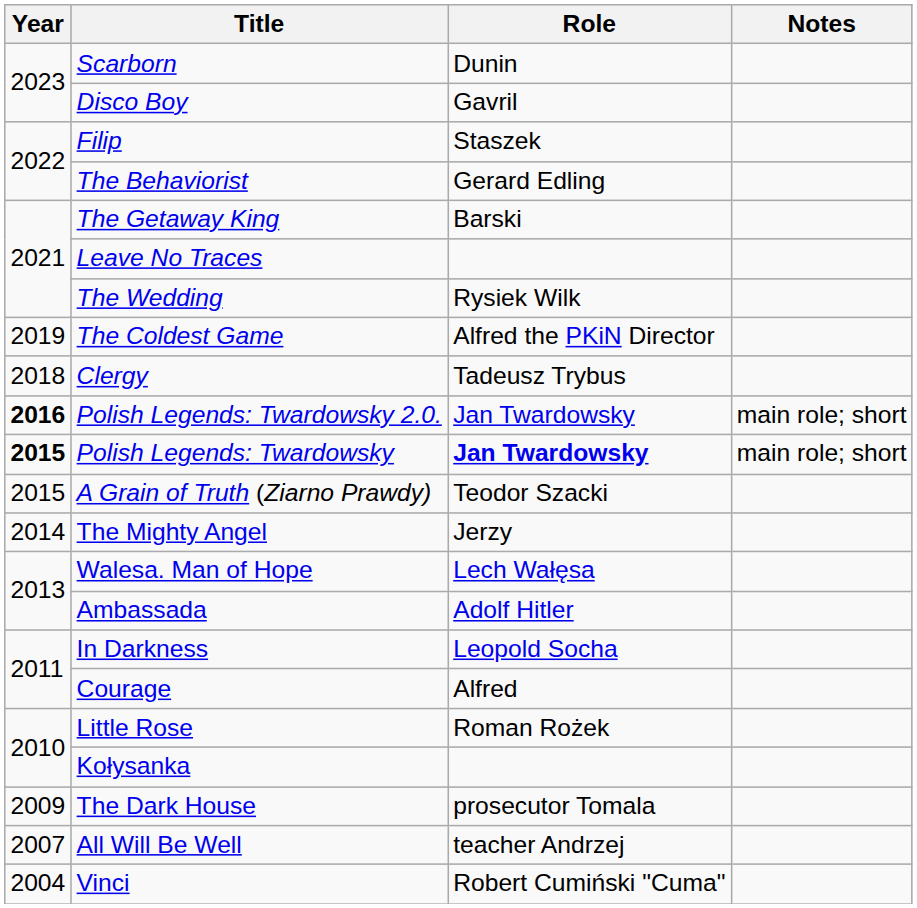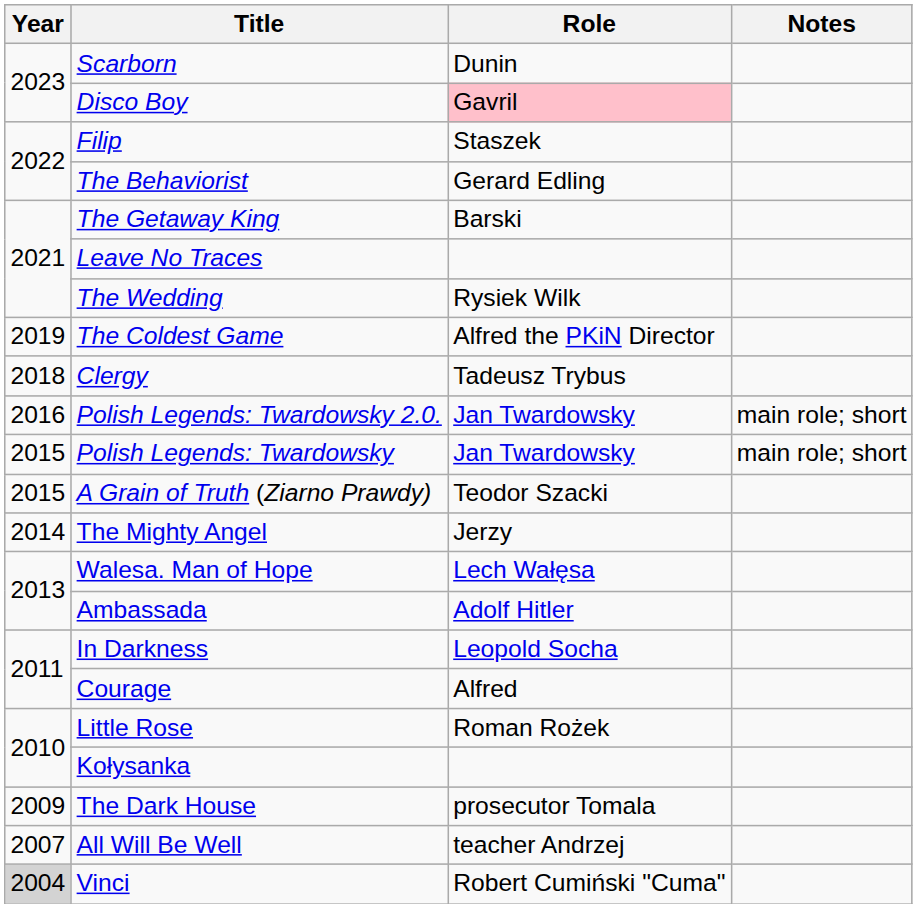 <table class="wikitable sortable">
 <tr>
 <th>Year</th>
 <th>Title</th>
 <th>Role</th>
 <th class="unsortable">Notes</th>
 </tr>
 <tr>
 <td rowspan="2">2023</td>
 <td><em><a href='#'>Scarborn</a></em></td>
 <td>Dunin</td>
 <td></td>
 </tr>
 <tr>
 <td><em><a href='#'>Disco Boy</a></em></td>
-<td>Gavril</td>
+<td style="background: pink;">Gavril</td>
 <td></td>
 </tr>
 <tr>
 <td rowspan="2">2022</td>
 <td><a href='#'><em>Filip</em></a></td>
 <td>Staszek</td>
 <td></td>
 </tr>
 <tr>
 <td><em><a href='#'>The Behaviorist</a></em></td>
 <td>Gerard Edling</td>
 <td></td>
 </tr>
 <tr>
 <td rowspan=3>2021</td>
 <td><em><a href='#'>The Getaway King</a></em></td>
 <td>Barski</td>
 <td></td>
 </tr>
 <tr>
 <td><em><a href='#'>Leave No Traces</a></em></td>
 <td></td>
 <td></td>
 </tr>
 <tr>
 <td><em><a href='#'>The Wedding</a></em></td>
 <td>Rysiek Wilk</td>
 <td></td>
 </tr>
 <tr>
 <td>2019</td>
 <td><em><a href='#'>The Coldest Game</a></em></td>
 <td>Alfred the <a href='#'>PKiN</a> Director</td>
 <td></td>
 </tr>
 <tr>
 <td>2018</td>
 <td><em><a href='#'>Clergy</a></em></td>
 <td>Tadeusz Trybus</td>
 <td></td>
 </tr>
 <tr>
-<td><strong>2016</strong></td>
+<td>2016</td>
 <td><em><a href='#'>Polish Legends: Twardowsky 2.0.</a></em></td>
 <td><a href='#'>Jan Twardowsky</a></td>
 <td>main role; short</td>
 </tr>
 <tr>
-<td><strong>2015</strong></td>
+<td>2015</td>
 <td><em><a href='#'>Polish Legends: Twardowsky</a></em></td>
-<td><strong><a href='#'>Jan Twardowsky</a></strong></td>
+<td><a href='#'>Jan Twardowsky</a></td>
 <td>main role; short</td>
 </tr>
 <tr>
 <td>2015</td>
 <td><em><a href='#'>A Grain of Truth</a></em> (<em>Ziarno Prawdy)</td>
 <td>Teodor Szacki</td>
 <td></td>
 </tr>
 <tr>
 <td>2014</td>
 <td></em><a href='#'>The Mighty Angel</a><em></td>
 <td>Jerzy</td>
 <td></td>
 </tr>
 <tr>
 <td rowspan=2>2013</td>
 <td></em><a href='#'>Walesa. Man of Hope</a><em></td>
 <td><a href='#'>Lech Wałęsa</a></td>
 <td></td>
 </tr>
 <tr>
 <td></em><a href='#'>Ambassada</a><em></td>
 <td><a href='#'>Adolf Hitler</a></td>
 <td></td>
 </tr>
 <tr>
 <td rowspan=2>2011</td>
 <td></em><a href='#'>In Darkness</a><em></td>
 <td><a href='#'>Leopold Socha</a></td>
 <td></td>
 </tr>
 <tr>
 <td></em><a href='#'>Courage</a><em></td>
 <td>Alfred</td>
 <td></td>
 </tr>
 <tr>
 <td rowspan=2>2010</td>
 <td></em><a href='#'>Little Rose</a><em></td>
 <td>Roman Rożek</td>
 <td></td>
 </tr>
 <tr>
 <td></em><a href='#'>Kołysanka</a><em></td>
 <td></td>
 <td></td>
 </tr>
 <tr>
 <td>2009</td>
 <td></em><a href='#'>The Dark House</a><em></td>
 <td>prosecutor Tomala</td>
 <td></td>
 </tr>
 <tr>
 <td>2007</td>
 <td></em><a href='#'>All Will Be Well</a><em></td>
 <td>teacher Andrzej</td>
 <td></td>
 </tr>
 <tr>
-<td>2004</td>
+<td style="background: lightgrey;">2004</td>
 <td></em><a href='#'>Vinci</a><em></td>
 <td>Robert Cumiński "Cuma"</td>
 <td></td>
 </tr>
 </table>
